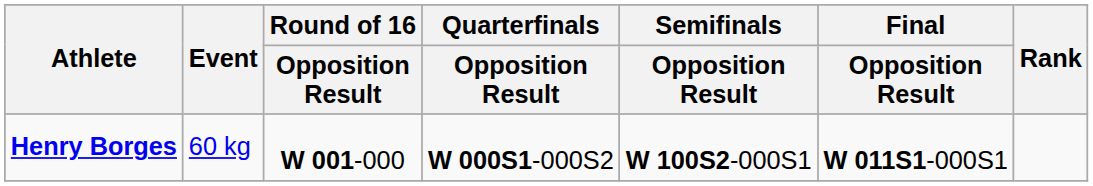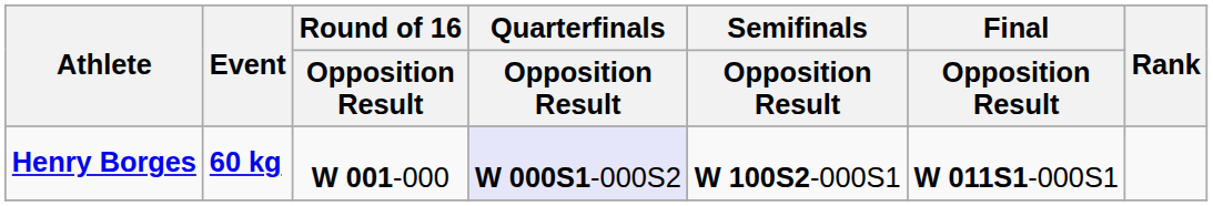 <table class="wikitable" style="font-size:90%">
 <tr>
 <th rowspan="2">Athlete</th>
 <th rowspan="2">Event</th>
 <th>Round of 16</th>
 <th>Quarterfinals</th>
 <th>Semifinals</th>
 <th>Final</th>
 <th rowspan="2">Rank</th>
 </tr>
 <tr>
 <th>Opposition<br>Result</th>
 <th>Opposition<br>Result</th>
 <th>Opposition<br>Result</th>
 <th>Opposition<br>Result</th>
 </tr>
 <tr>
 <td><strong><a href='#'>Henry Borges</a></strong></td>
-<td><a href='#'>60 kg</a></td>
+<td><strong><a href='#'>60 kg</a></strong></td>
 <td align=center><br><strong>W</strong> <strong>001</strong>-000</td>
-<td align=center><br><strong>W</strong> <strong>000S1</strong>-000S2</td>
+<td align=center style="background: lavender;"><br><strong>W</strong> <strong>000S1</strong>-000S2</td>
 <td align=center><br><strong>W</strong> <strong>100S2</strong>-000S1</td>
 <td align=center><br><strong>W</strong> <strong>011S1</strong>-000S1</td>
 <td align=center></td>
 </tr>
 </table>
